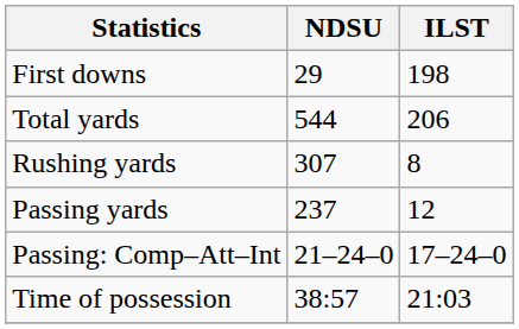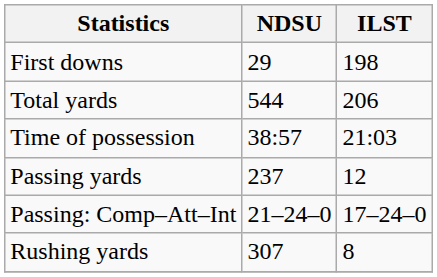 <table class="wikitable" style="float: left;">
 <tr>
 <th>Statistics</th>
 <th>NDSU</th>
 <th>ILST</th>
 </tr>
 <tr>
 <td>First downs</td>
 <td>29</td>
 <td>198</td>
 </tr>
 <tr>
 <td>Total yards</td>
 <td>544</td>
 <td>206</td>
 </tr>
 <tr>
-<td>Rushing yards</td>
-<td>307</td>
-<td>8</td>
+<td>Time of possession</td>
+<td>38:57</td>
+<td>21:03</td>
 </tr>
 <tr>
 <td>Passing yards</td>
 <td>237</td>
 <td>12</td>
 </tr>
 <tr>
 <td>Passing: Comp–Att–Int</td>
 <td>21–24–0</td>
 <td>17–24–0</td>
 </tr>
 <tr>
-<td>Time of possession</td>
-<td>38:57</td>
-<td>21:03</td>
+<td>Rushing yards</td>
+<td>307</td>
+<td>8</td>
 </tr>
 <tr>
 </tr>
 </table>
